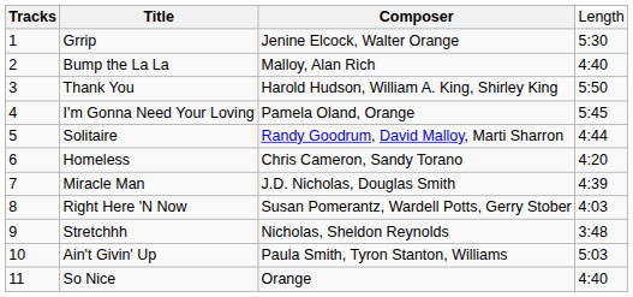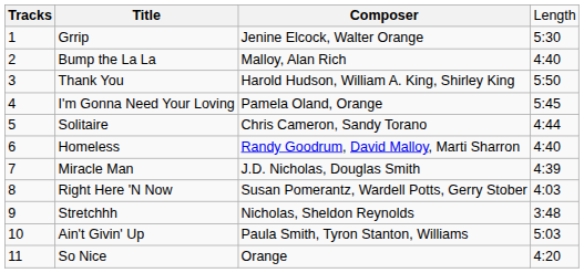 <table class="wikitable">
 <tr>
 <th>Tracks</th>
 <th>Title</th>
 <th>Composer</th>
 <td>Length</td>
 </tr>
 <tr>
 <td>1</td>
 <td>Grrip</td>
 <td>Jenine Elcock, Walter Orange</td>
 <td>5:30</td>
 </tr>
 <tr>
 <td>2</td>
 <td>Bump the La La</td>
 <td>Malloy, Alan Rich</td>
 <td>4:40</td>
 </tr>
 <tr>
 <td>3</td>
 <td>Thank You</td>
 <td>Harold Hudson, William A. King, Shirley King</td>
 <td>5:50</td>
 </tr>
 <tr>
 <td>4</td>
 <td>I'm Gonna Need Your Loving</td>
 <td>Pamela Oland, Orange</td>
 <td>5:45</td>
 </tr>
 <tr>
 <td>5</td>
 <td>Solitaire</td>
-<td><a href='#'>Randy Goodrum</a>, <a href='#'>David Malloy</a>, Marti Sharron</td>
+<td>Chris Cameron, Sandy Torano</td>
 <td>4:44</td>
 </tr>
 <tr>
 <td>6</td>
 <td>Homeless</td>
-<td>Chris Cameron, Sandy Torano</td>
-<td>4:20</td>
+<td><a href='#'>Randy Goodrum</a>, <a href='#'>David Malloy</a>, Marti Sharron</td>
+<td>4:40</td>
 </tr>
 <tr>
 <td>7</td>
 <td>Miracle Man</td>
 <td>J.D. Nicholas, Douglas Smith</td>
 <td>4:39</td>
 </tr>
 <tr>
 <td>8</td>
 <td>Right Here 'N Now</td>
 <td>Susan Pomerantz, Wardell Potts, Gerry Stober</td>
 <td>4:03</td>
 </tr>
 <tr>
 <td>9</td>
 <td>Stretchhh</td>
 <td>Nicholas, Sheldon Reynolds</td>
 <td>3:48</td>
 </tr>
 <tr>
 <td>10</td>
 <td>Ain't Givin' Up</td>
 <td>Paula Smith, Tyron Stanton, Williams</td>
 <td>5:03</td>
 </tr>
 <tr>
 <td>11</td>
 <td>So Nice</td>
 <td>Orange</td>
-<td>4:40</td>
+<td>4:20</td>
 </tr>
 </table>
